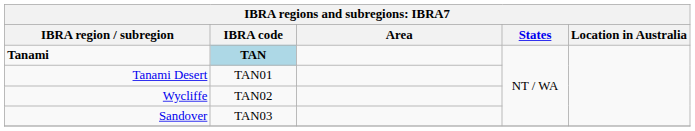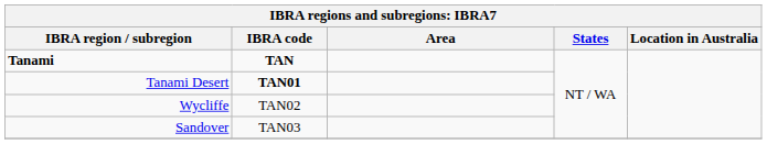 <table class="wikitable sortable">
 <tr>
 <th rowwidth=100px colspan=5>IBRA regions and subregions: IBRA7</th>
 </tr>
 <tr>
 <th scope="col" style="width:250px;">IBRA region / subregion</th>
 <th scope="col" style="width:100px;">IBRA code</th>
 <th scope="col" style="width:250px;">Area</th>
 <th scope="col" style="width:75px;"><a href='#'>States</a></th>
 <th>Location in Australia</th>
 </tr>
 <tr>
 <td><strong>Tanami</strong></td>
-<td style="background: lightblue; text-align:center;"><strong>TAN</strong></td>
+<td style="text-align:center;"><strong>TAN</strong></td>
 <td align="right"><strong></strong></td>
 <td style="text-align:center;" rowspan="4">NT / WA</td>
 <td style="text-align:center;" rowspan="4"></td>
 </tr>
 <tr>
 <td align="right"><a href='#'>Tanami Desert</a></td>
-<td style="text-align:center;">TAN01</td>
+<td style="text-align:center;"><strong>TAN01</strong></td>
 <td align="right"></td>
 </tr>
 <tr>
 <td align="right"><a href='#'>Wycliffe</a></td>
 <td style="text-align:center;">TAN02</td>
 <td align="right"></td>
 </tr>
 <tr>
 <td align="right"><a href='#'>Sandover</a></td>
 <td style="text-align:center;">TAN03</td>
 <td align="right"></td>
 </tr>
 <tr>
 </tr>
 </table>
